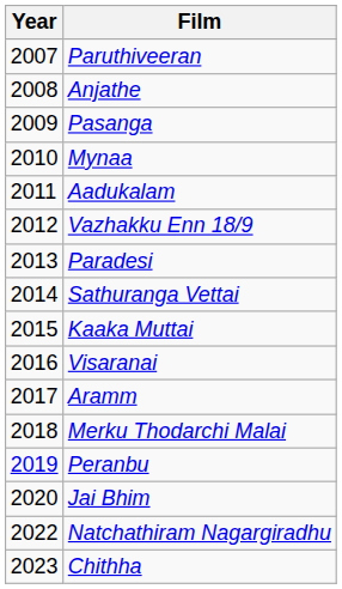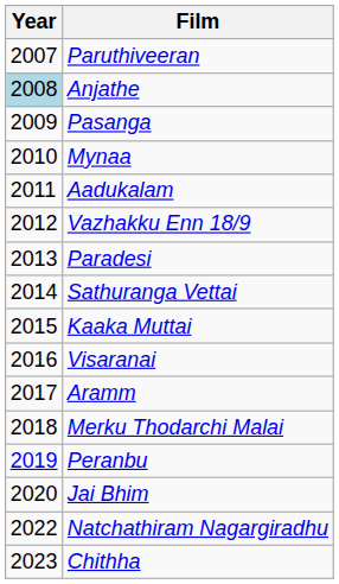 <table class="wikitable">
 <tr>
 <th>Year</th>
 <th>Film</th>
 </tr>
 <tr>
 <td>2007</td>
 <td><em><a href='#'>Paruthiveeran</a></em></td>
 </tr>
 <tr>
-<td>2008</td>
+<td style="background: lightblue;">2008</td>
 <td><em><a href='#'>Anjathe</a></em></td>
 </tr>
 <tr>
 <td>2009</td>
 <td><em><a href='#'>Pasanga</a></em></td>
 </tr>
 <tr>
 <td>2010</td>
 <td><em><a href='#'>Mynaa</a></em></td>
 </tr>
 <tr>
 <td>2011</td>
 <td><em><a href='#'>Aadukalam</a></em></td>
 </tr>
 <tr>
 <td>2012</td>
 <td><em><a href='#'>Vazhakku Enn 18/9</a></em></td>
 </tr>
 <tr>
 <td>2013</td>
 <td><em><a href='#'>Paradesi</a></em></td>
 </tr>
 <tr>
 <td>2014</td>
 <td><em><a href='#'>Sathuranga Vettai</a></em></td>
 </tr>
 <tr>
 <td>2015</td>
 <td><em><a href='#'>Kaaka Muttai</a></em></td>
 </tr>
 <tr>
 <td>2016</td>
 <td><em><a href='#'>Visaranai</a></em></td>
 </tr>
 <tr>
 <td>2017</td>
 <td><em><a href='#'>Aramm</a></em></td>
 </tr>
 <tr>
 <td>2018</td>
 <td><em><a href='#'>Merku Thodarchi Malai</a></em></td>
 </tr>
 <tr>
 <td><a href='#'>2019</a></td>
 <td><em><a href='#'>Peranbu</a></em></td>
 </tr>
 <tr>
 <td>2020</td>
 <td><a href='#'><em>Jai Bhim</em></a></td>
 </tr>
 <tr>
 <td>2022</td>
 <td><em><a href='#'>Natchathiram Nagargiradhu</a></em></td>
 </tr>
 <tr>
 <td>2023</td>
 <td><em><a href='#'>Chithha</a></em></td>
 </tr>
 </table>
